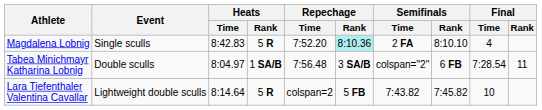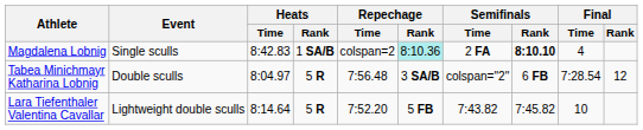 <table class="wikitable" style="font-size:90%">
 <tr>
 <th rowspan="2">Athlete</th>
 <th rowspan="2">Event</th>
 <th colspan="2">Heats</th>
 <th colspan="2">Repechage</th>
 <th colspan="2">Semifinals</th>
 <th colspan="2">Final</th>
 </tr>
 <tr style="font-size:95%">
 <th>Time</th>
 <th>Rank</th>
 <th>Time</th>
 <th>Rank</th>
 <th>Time</th>
 <th>Rank</th>
 <th>Time</th>
 <th>Rank</th>
 </tr>
 <tr align=center>
 <td align=left><a href='#'>Magdalena Lobnig</a></td>
 <td align=left>Single sculls</td>
 <td>8:42.83</td>
-<td>5 <strong>R</strong></td>
-<td>7:52.20</td>
+<td>1 <strong>SA/B</strong></td>
+<td>colspan=2</td>
 <td style="background: paleturquoise;">8:10.36</td>
 <td>2 <strong>FA</strong></td>
-<td>8:10.10</td>
+<td><strong>8:10.10</strong></td>
 <td>4</td>
 </tr>
 <tr align=center>
 <td align=left><a href='#'>Tabea Minichmayr</a><br><a href='#'>Katharina Lobnig</a></td>
 <td align=left>Double sculls</td>
 <td>8:04.97</td>
-<td>1 <strong>SA/B</strong></td>
+<td>5 <strong>R</strong></td>
 <td>7:56.48</td>
 <td>3 <strong>SA/B</strong></td>
 <td>colspan="2"</td>
 <td>6 <strong>FB</strong></td>
 <td>7:28.54</td>
-<td>11</td>
+<td>12</td>
 </tr>
 <tr align=center>
 <td align=left><a href='#'>Lara Tiefenthaler</a><br><a href='#'>Valentina Cavallar</a></td>
 <td align=left>Lightweight double sculls</td>
 <td>8:14.64</td>
 <td>5 <strong>R</strong></td>
-<td>colspan=2</td>
+<td>7:52.20</td>
 <td>5 <strong>FB</strong></td>
 <td>7:43.82</td>
 <td>7:45.82</td>
 <td>10</td>
 </tr>
 </table>
